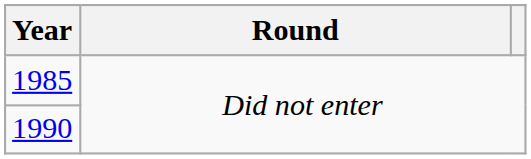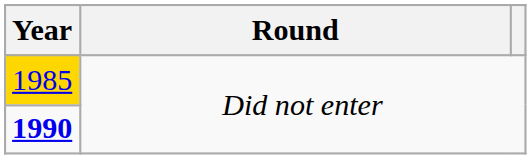 <table class="wikitable" style="text-align: center; font-size:90%">
 <tr>
 <th>Year</th>
 <th style="width:200px">Round</th>
 <th></th>
 </tr>
 <tr>
-<td><a href='#'>1985</a></td>
+<td style="background: gold;"><a href='#'>1985</a></td>
 <td colspan="2" rowspan="2"><em>Did not enter</em></td>
 </tr>
 <tr>
-<td><a href='#'>1990</a></td>
+<td><strong><a href='#'>1990</a></strong></td>
 </tr>
 </table>
